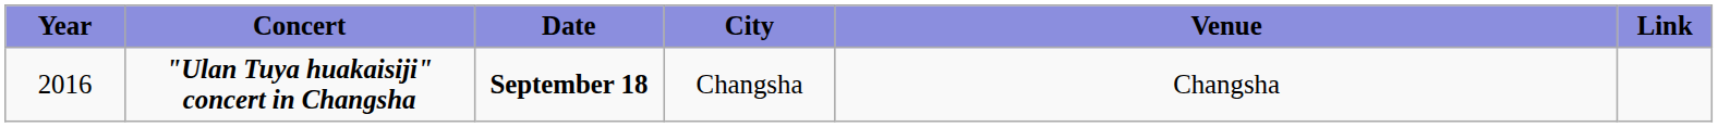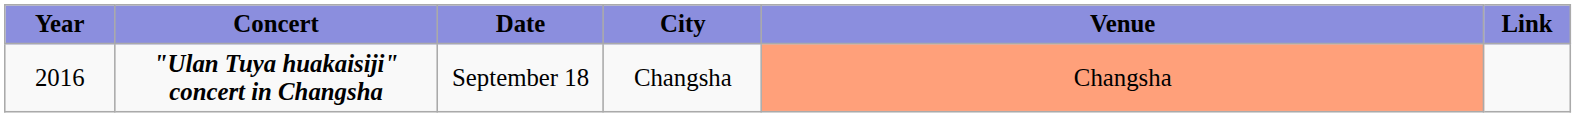 <table class="wikitable sortable mw-collapsible" width="80%" style="text-align:center">
 <tr align="center" style="background:#8B8EDE">
 <td style="width:2%"><strong>Year</strong></td>
 <td style="width:8%"><strong>Concert</strong></td>
 <td style="width:2%"><strong>Date</strong></td>
 <td style="width:2%"><strong>City</strong></td>
 <td style="width:18%"><strong>Venue</strong></td>
 <td style="width:1%"><strong>Link</strong></td>
 </tr>
 <tr>
 <td rowspan="2">2016</td>
 <td rowspan="2"><strong><em>"Ulan Tuya huakaisiji" concert in Changsha</em></strong></td>
-<td><strong>September 18</strong></td>
+<td>September 18</td>
 <td>Changsha</td>
-<td>Changsha</td>
+<td style="background: lightsalmon;">Changsha</td>
 <td></td>
 </tr>
 </table>
